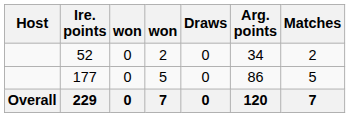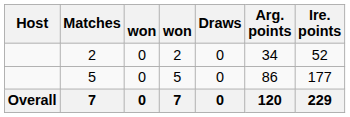 <table class="wikitable sortable" style=text-align:center>
 <tr>
 <th>Host</th>
-<th>Ire.<br>points</th>
+<th>Matches</th>
 <th><br>won</th>
 <th><br>won</th>
 <th>Draws</th>
 <th>Arg.<br>points</th>
-<th>Matches</th>
+<th>Ire.<br>points</th>
 </tr>
 <tr>
 <td align=left></td>
-<td>52</td>
+<td>2</td>
 <td>0</td>
 <td>2</td>
 <td>0</td>
 <td>34</td>
-<td>2</td>
+<td>52</td>
 </tr>
 <tr>
 <td align=left></td>
-<td>177</td>
+<td>5</td>
 <td>0</td>
 <td>5</td>
 <td>0</td>
 <td>86</td>
-<td>5</td>
+<td>177</td>
 </tr>
 <tr>
 <th>Overall</th>
-<th>229</th>
+<th>7</th>
 <th>0</th>
 <th>7</th>
 <th>0</th>
 <th>120</th>
-<th>7</th>
+<th>229</th>
 </tr>
 </table>
